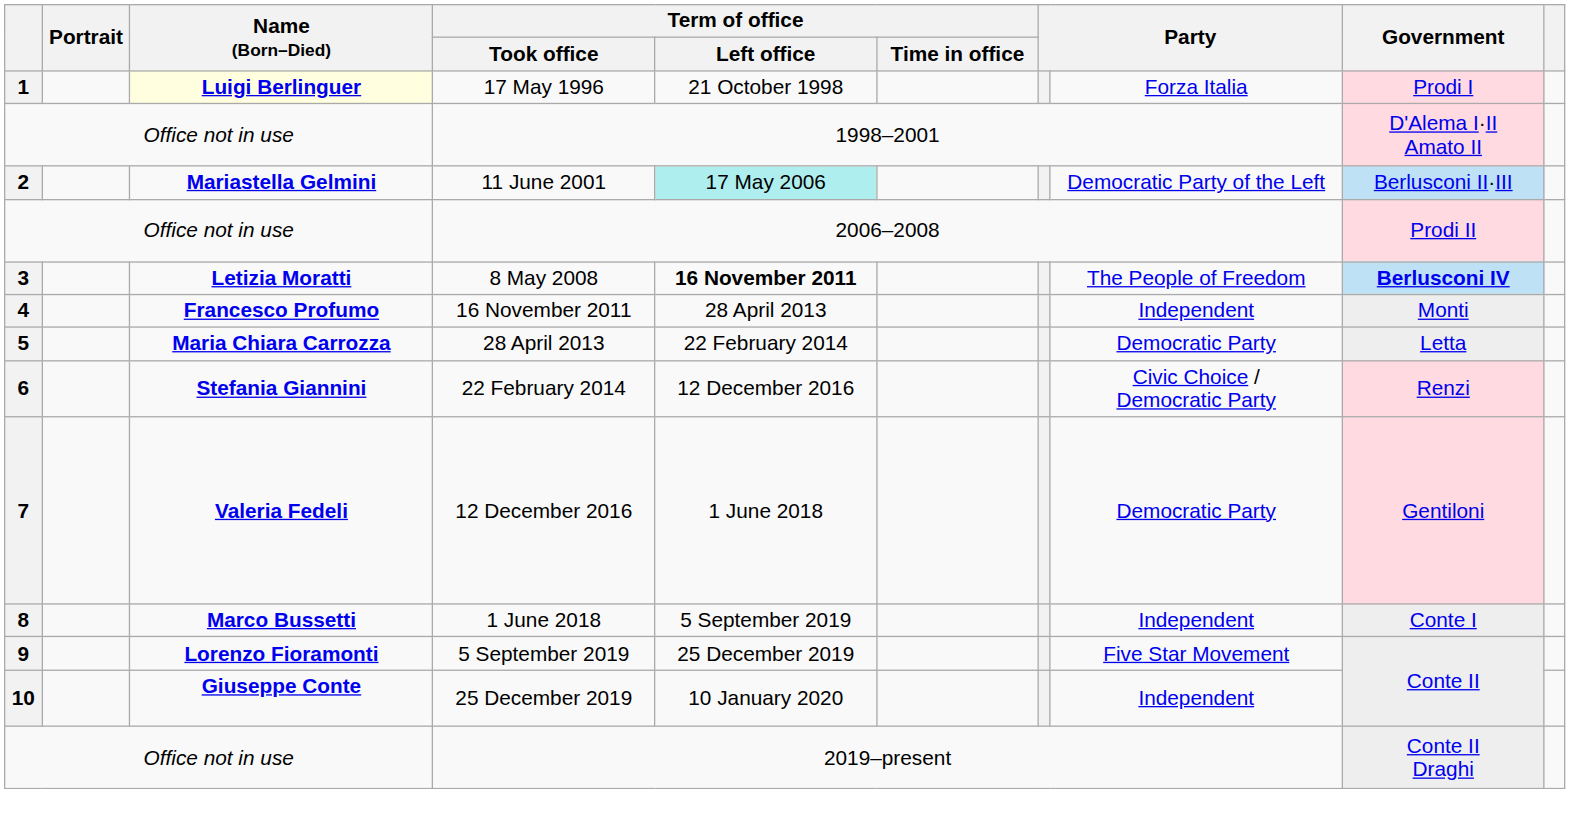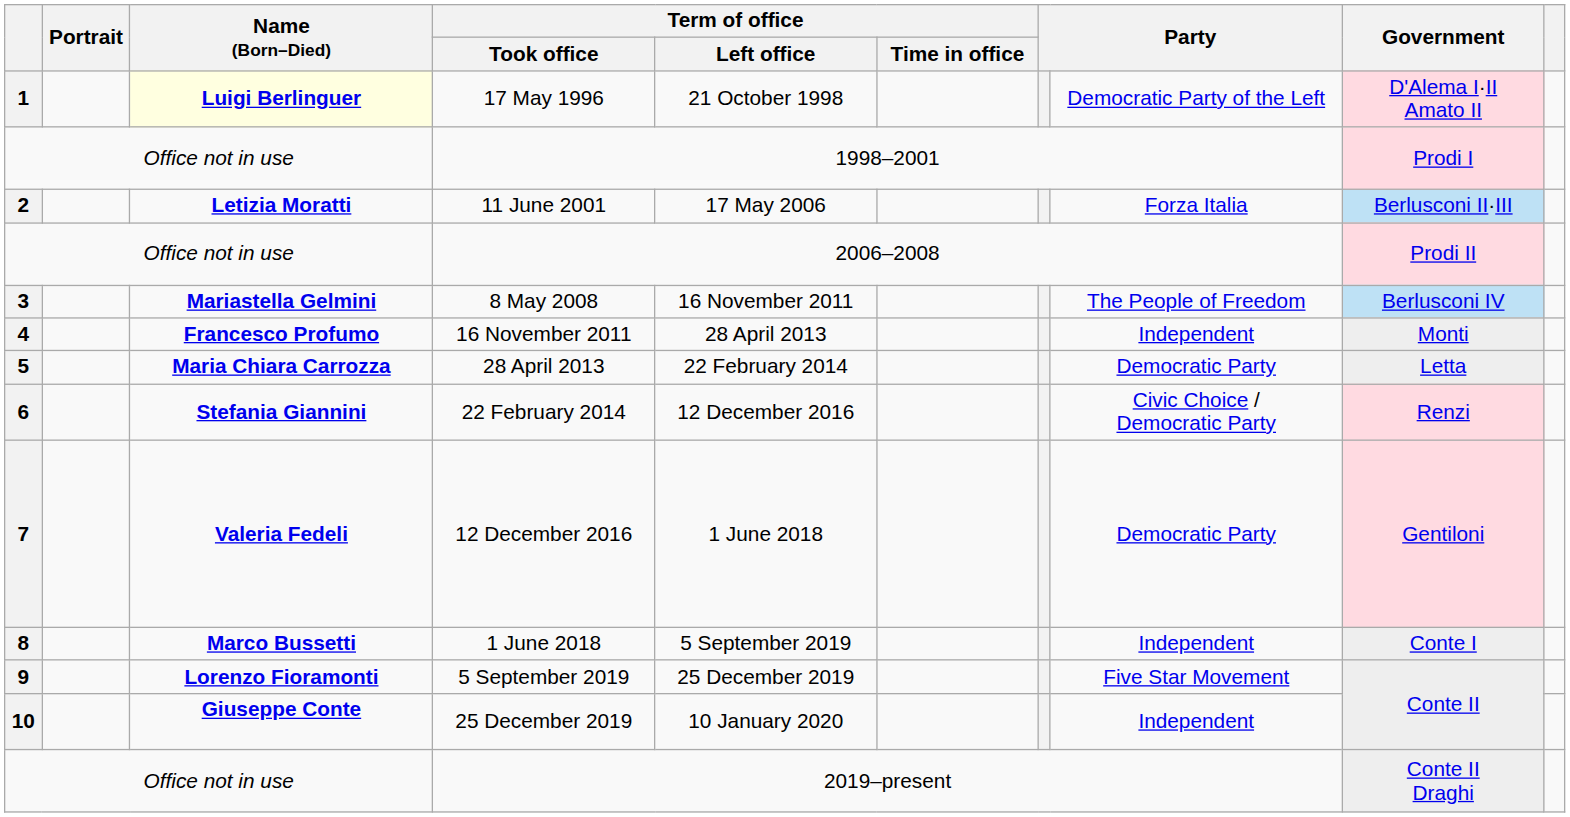 <table class="wikitable" style="text-align:center; style="width=95%">
 <tr>
 <th width=1% rowspan=2></th>
 <th width=1% rowspan=2>Portrait</th>
 <th width=15% rowspan=2>Name<br><small>(Born–Died)</small></th>
 <th width=30% colspan=3>Term of office</th>
 <th width=15% rowspan=2 colspan=2>Party</th>
 <th width=10% rowspan=2>Government</th>
 <th width=1% rowspan=2></th>
 </tr>
 <tr style="text-align:center;">
 <th width=11%>Took office</th>
 <th width=11%>Left office</th>
 <th width=8%>Time in office</th>
 </tr>
 <tr>
 <th>1</th>
 <td></td>
 <td style="background: lightyellow;"><strong><a href='#'>Luigi Berlinguer</a></strong><br></td>
 <td>17 May 1996</td>
 <td>21 October 1998</td>
 <td></td>
 <th style="background:"></th>
-<td><a href='#'>Forza Italia</a></td>
-<td bgcolor=#FFDAE1><a href='#'>Prodi I</a></td>
+<td><a href='#'>Democratic Party of the Left</a></td>
+<td bgcolor=#FFDAE1><a href='#'>D'Alema I</a>·<a href='#'>II</a><br><a href='#'>Amato II</a></td>
 <td></td>
 </tr>
 <tr style="height:3em;">
 <td colspan=3><em>Office not in use</em></td>
 <td colspan=5 align="center">1998–2001</td>
-<td bgcolor=#FFDAE1><a href='#'>D'Alema I</a>·<a href='#'>II</a><br><a href='#'>Amato II</a></td>
+<td bgcolor=#FFDAE1><a href='#'>Prodi I</a></td>
 <td></td>
 </tr>
 <tr>
 <th>2</th>
 <td></td>
-<td><strong><a href='#'>Mariastella Gelmini</a></strong><br></td>
+<td><strong><a href='#'>Letizia Moratti</a></strong><br></td>
 <td>11 June 2001</td>
-<td style="background: paleturquoise;">17 May 2006</td>
+<td>17 May 2006</td>
 <td></td>
 <th style="background:"></th>
-<td><a href='#'>Democratic Party of the Left</a></td>
+<td><a href='#'>Forza Italia</a></td>
 <td bgcolor=#BEE1F5><a href='#'>Berlusconi II</a>·<a href='#'>III</a></td>
 <td></td>
 </tr>
 <tr style="height:3em;">
 <td colspan=3><em>Office not in use</em></td>
 <td colspan=5 align="center">2006–2008</td>
 <td bgcolor=#FFDAE1><a href='#'>Prodi II</a></td>
 <td></td>
 </tr>
 <tr>
 <th>3</th>
 <td></td>
-<td><strong><a href='#'>Letizia Moratti</a></strong><br></td>
+<td><strong><a href='#'>Mariastella Gelmini</a></strong><br></td>
 <td>8 May 2008</td>
-<td><strong>16 November 2011</strong></td>
+<td>16 November 2011</td>
 <td></td>
 <th style="background:"></th>
 <td><a href='#'>The People of Freedom</a></td>
-<td bgcolor=#BEE1F5><strong><a href='#'>Berlusconi IV</a></strong></td>
+<td bgcolor=#BEE1F5><a href='#'>Berlusconi IV</a></td>
 <td></td>
 </tr>
 <tr>
 <th>4</th>
 <td></td>
 <td><strong><a href='#'>Francesco Profumo</a></strong><br></td>
 <td>16 November 2011</td>
 <td>28 April 2013</td>
 <td></td>
 <th style="background:"></th>
 <td><a href='#'>Independent</a></td>
 <td bgcolor=#EEEEEE><a href='#'>Monti</a></td>
 <td></td>
 </tr>
 <tr>
 <th>5</th>
 <td></td>
 <td><strong><a href='#'>Maria Chiara Carrozza</a></strong><br></td>
 <td>28 April 2013</td>
 <td>22 February 2014</td>
 <td></td>
 <th style="background:"></th>
 <td><a href='#'>Democratic Party</a></td>
 <td bgcolor=#EEEEEE><a href='#'>Letta</a></td>
 <td></td>
 </tr>
 <tr>
 <th>6</th>
 <td></td>
 <td><strong><a href='#'>Stefania Giannini</a></strong><br></td>
 <td>22 February 2014</td>
 <td>12 December 2016</td>
 <td></td>
 <th style="background:"></th>
 <td><a href='#'>Civic Choice</a> /<br><a href='#'>Democratic Party</a></td>
 <td bgcolor=#FFDAE1><a href='#'>Renzi</a></td>
 <td></td>
 </tr>
 <tr style="height:9em;">
 <th>7</th>
 <td></td>
 <td><strong><a href='#'>Valeria Fedeli</a></strong><br></td>
 <td>12 December 2016</td>
 <td>1 June 2018</td>
 <td></td>
 <th style="background:"></th>
 <td><a href='#'>Democratic Party</a></td>
 <td bgcolor=#FFDAE1><a href='#'>Gentiloni</a></td>
 <td></td>
 </tr>
 <tr>
 <th>8</th>
 <td></td>
 <td><strong><a href='#'>Marco Bussetti</a></strong><br></td>
 <td>1 June 2018</td>
 <td>5 September 2019</td>
 <td></td>
 <th style="background:"></th>
 <td><a href='#'>Independent</a></td>
 <td bgcolor=#EEEEEE><a href='#'>Conte I</a></td>
 <td></td>
 </tr>
 <tr>
 <th>9</th>
 <td></td>
 <td><strong><a href='#'>Lorenzo Fioramonti</a></strong><br></td>
 <td>5 September 2019</td>
 <td>25 December 2019</td>
 <td></td>
 <th style="background:"></th>
 <td><a href='#'>Five Star Movement</a></td>
 <td rowspan=2 bgcolor=#EEEEEE><a href='#'>Conte II</a></td>
 <td></td>
 </tr>
 <tr>
 <th>10</th>
 <td></td>
 <td><strong><a href='#'>Giuseppe Conte</a></strong><br><br><em></em></td>
 <td>25 December 2019</td>
 <td>10 January 2020</td>
 <td></td>
 <th style="background:"></th>
 <td><a href='#'>Independent</a></td>
 <td></td>
 </tr>
 <tr style="height:3em;">
 <td colspan=3><em>Office not in use</em></td>
 <td colspan=5 align="center">2019–present</td>
 <td bgcolor=#EEEEEE><a href='#'>Conte II</a><br><a href='#'>Draghi</a></td>
 <td></td>
 </tr>
 </table>
